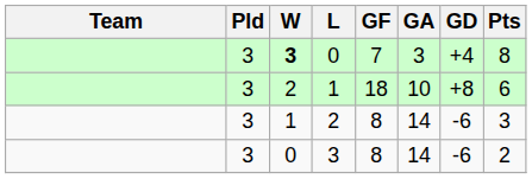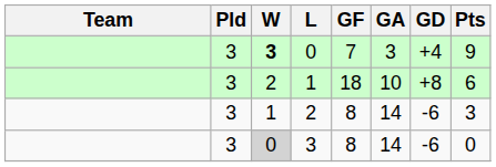 <table class="wikitable" style="text-align:center;">
 <tr>
 <th width=160>Team</th>
 <th width=25>Pld</th>
 <th width=25>W</th>
 <th width=25>L</th>
 <th width=25>GF</th>
 <th width=25>GA</th>
 <th width=25>GD</th>
 <th width=25>Pts</th>
 </tr>
 <tr style="background:#ccffcc;">
 <td align=left></td>
 <td>3</td>
 <td><strong>3</strong></td>
 <td>0</td>
 <td>7</td>
 <td>3</td>
 <td>+4</td>
-<td>8</td>
+<td>9</td>
 </tr>
 <tr style="background:#ccffcc;">
 <td align=left></td>
 <td>3</td>
 <td>2</td>
 <td>1</td>
 <td>18</td>
 <td>10</td>
 <td>+8</td>
 <td>6</td>
 </tr>
 <tr>
 <td align=left></td>
 <td>3</td>
 <td>1</td>
 <td>2</td>
 <td>8</td>
 <td>14</td>
 <td>-6</td>
 <td>3</td>
 </tr>
 <tr>
 <td align=left></td>
 <td>3</td>
-<td>0</td>
+<td style="background: lightgrey;">0</td>
 <td>3</td>
 <td>8</td>
 <td>14</td>
 <td>-6</td>
-<td>2</td>
+<td>0</td>
 </tr>
 <tr>
 </tr>
 </table>
